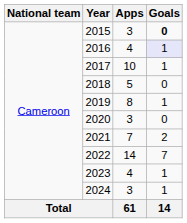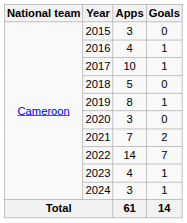 <table class="wikitable" style="text-align:center">
 <tr>
 <th>National team</th>
 <th>Year</th>
 <th>Apps</th>
 <th>Goals</th>
 </tr>
 <tr>
 <td rowspan="10"><a href='#'>Cameroon</a></td>
 <td>2015</td>
 <td>3</td>
-<td><strong>0</strong></td>
+<td>0</td>
 </tr>
 <tr>
 <td>2016</td>
 <td>4</td>
-<td style="background: lavender;">1</td>
+<td>1</td>
 </tr>
 <tr>
 <td>2017</td>
 <td>10</td>
 <td>1</td>
 </tr>
 <tr>
 <td>2018</td>
 <td>5</td>
 <td>0</td>
 </tr>
 <tr>
 <td>2019</td>
 <td>8</td>
 <td>1</td>
 </tr>
 <tr>
 <td>2020</td>
 <td>3</td>
 <td>0</td>
 </tr>
 <tr>
 <td>2021</td>
 <td>7</td>
 <td>2</td>
 </tr>
 <tr>
 <td>2022</td>
 <td>14</td>
 <td>7</td>
 </tr>
 <tr>
 <td>2023</td>
 <td>4</td>
 <td>1</td>
 </tr>
 <tr>
 <td>2024</td>
 <td>3</td>
 <td>1</td>
 </tr>
 <tr>
 <th colspan="2">Total</th>
 <th>61</th>
 <th>14</th>
 </tr>
 </table>
